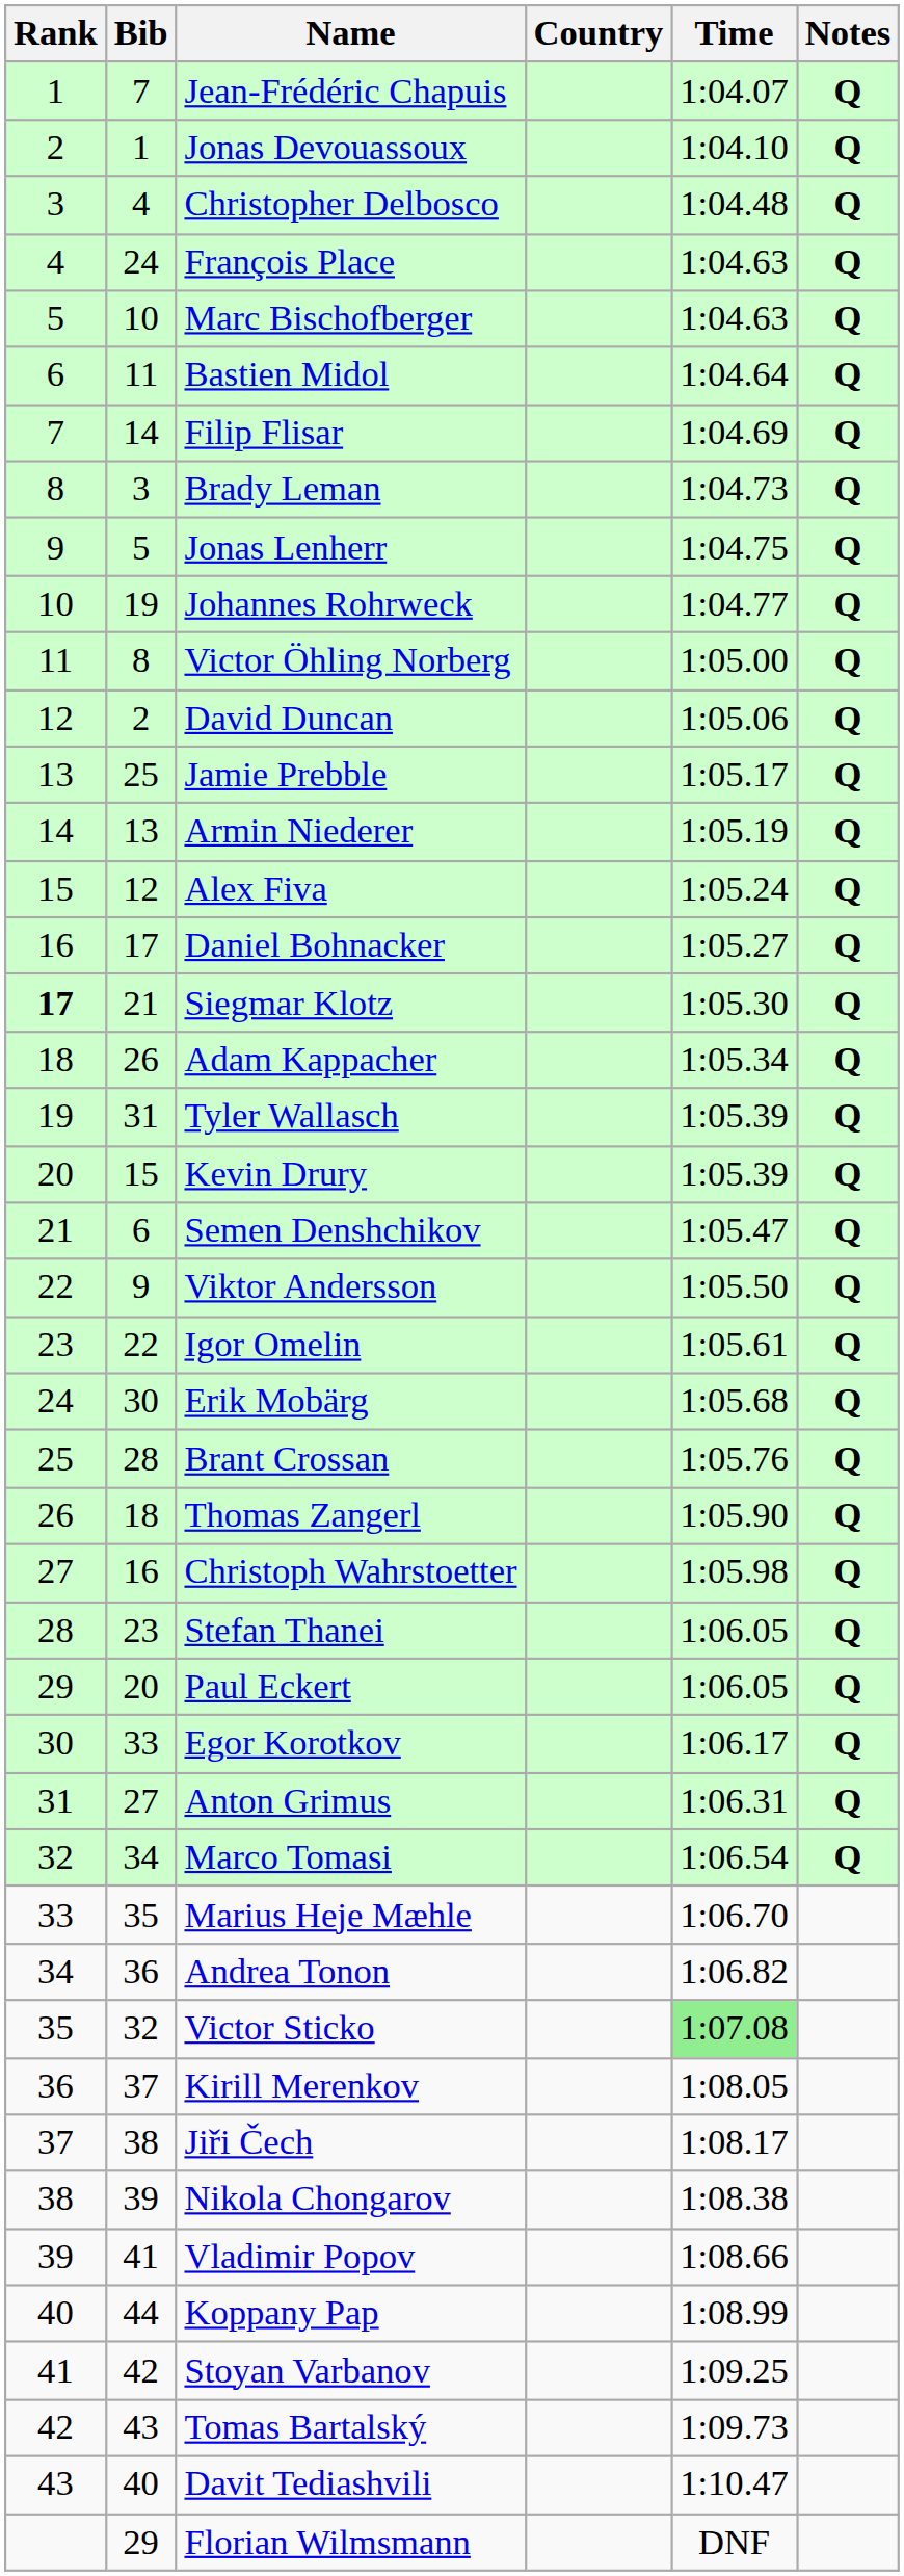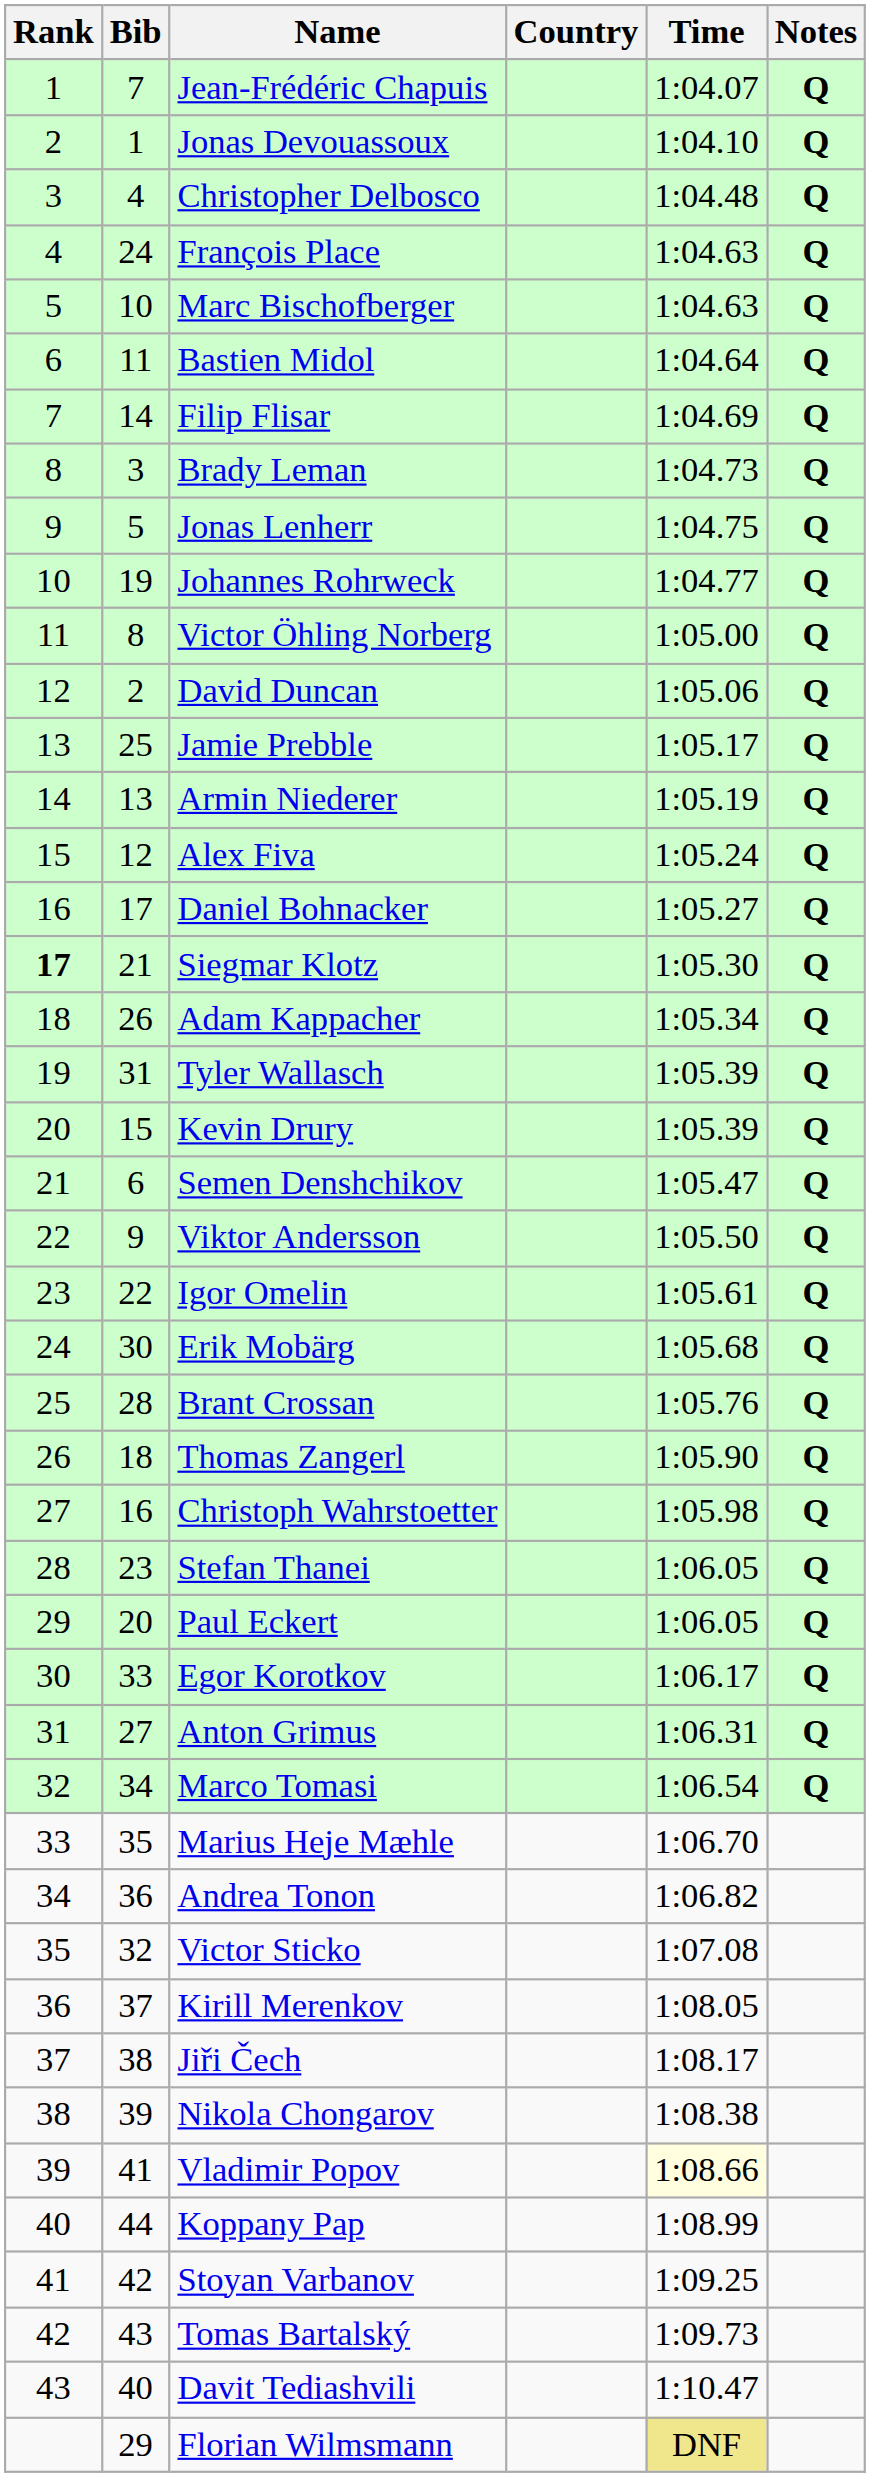 <table class="wikitable sortable" style="text-align:center">
 <tr>
 <th>Rank</th>
 <th>Bib</th>
 <th>Name</th>
 <th>Country</th>
 <th>Time</th>
 <th>Notes</th>
 </tr>
 <tr bgcolor="#ccffcc">
 <td>1</td>
 <td>7</td>
 <td align=left><a href='#'>Jean-Frédéric Chapuis</a></td>
 <td align=left></td>
 <td>1:04.07</td>
 <td><strong>Q</strong></td>
 </tr>
 <tr bgcolor="#ccffcc">
 <td>2</td>
 <td>1</td>
 <td align=left><a href='#'>Jonas Devouassoux</a></td>
 <td align=left></td>
 <td>1:04.10</td>
 <td><strong>Q</strong></td>
 </tr>
 <tr bgcolor="#ccffcc">
 <td>3</td>
 <td>4</td>
 <td align=left><a href='#'>Christopher Delbosco</a></td>
 <td align=left></td>
 <td>1:04.48</td>
 <td><strong>Q</strong></td>
 </tr>
 <tr bgcolor="#ccffcc">
 <td>4</td>
 <td>24</td>
 <td align=left><a href='#'>François Place</a></td>
 <td align=left></td>
 <td>1:04.63</td>
 <td><strong>Q</strong></td>
 </tr>
 <tr bgcolor="#ccffcc">
 <td>5</td>
 <td>10</td>
 <td align=left><a href='#'>Marc Bischofberger</a></td>
 <td align=left></td>
 <td>1:04.63</td>
 <td><strong>Q</strong></td>
 </tr>
 <tr bgcolor="#ccffcc">
 <td>6</td>
 <td>11</td>
 <td align=left><a href='#'>Bastien Midol</a></td>
 <td align=left></td>
 <td>1:04.64</td>
 <td><strong>Q</strong></td>
 </tr>
 <tr bgcolor="#ccffcc">
 <td>7</td>
 <td>14</td>
 <td align=left><a href='#'>Filip Flisar</a></td>
 <td align=left></td>
 <td>1:04.69</td>
 <td><strong>Q</strong></td>
 </tr>
 <tr bgcolor="#ccffcc">
 <td>8</td>
 <td>3</td>
 <td align=left><a href='#'>Brady Leman</a></td>
 <td align=left></td>
 <td>1:04.73</td>
 <td><strong>Q</strong></td>
 </tr>
 <tr bgcolor="#ccffcc">
 <td>9</td>
 <td>5</td>
 <td align=left><a href='#'>Jonas Lenherr</a></td>
 <td align=left></td>
 <td>1:04.75</td>
 <td><strong>Q</strong></td>
 </tr>
 <tr bgcolor="#ccffcc">
 <td>10</td>
 <td>19</td>
 <td align=left><a href='#'>Johannes Rohrweck</a></td>
 <td align=left></td>
 <td>1:04.77</td>
 <td><strong>Q</strong></td>
 </tr>
 <tr bgcolor="#ccffcc">
 <td>11</td>
 <td>8</td>
 <td align=left><a href='#'>Victor Öhling Norberg</a></td>
 <td align=left></td>
 <td>1:05.00</td>
 <td><strong>Q</strong></td>
 </tr>
 <tr bgcolor="#ccffcc">
 <td>12</td>
 <td>2</td>
 <td align=left><a href='#'>David Duncan</a></td>
 <td align=left></td>
 <td>1:05.06</td>
 <td><strong>Q</strong></td>
 </tr>
 <tr bgcolor="#ccffcc">
 <td>13</td>
 <td>25</td>
 <td align=left><a href='#'>Jamie Prebble</a></td>
 <td align=left></td>
 <td>1:05.17</td>
 <td><strong>Q</strong></td>
 </tr>
 <tr bgcolor="#ccffcc">
 <td>14</td>
 <td>13</td>
 <td align=left><a href='#'>Armin Niederer</a></td>
 <td align=left></td>
 <td>1:05.19</td>
 <td><strong>Q</strong></td>
 </tr>
 <tr bgcolor="#ccffcc">
 <td>15</td>
 <td>12</td>
 <td align=left><a href='#'>Alex Fiva</a></td>
 <td align=left></td>
 <td>1:05.24</td>
 <td><strong>Q</strong></td>
 </tr>
 <tr bgcolor="#ccffcc">
 <td>16</td>
 <td>17</td>
 <td align=left><a href='#'>Daniel Bohnacker</a></td>
 <td align=left></td>
 <td>1:05.27</td>
 <td><strong>Q</strong></td>
 </tr>
 <tr bgcolor="#ccffcc">
 <td><strong>17</strong></td>
 <td>21</td>
 <td align=left><a href='#'>Siegmar Klotz</a></td>
 <td align=left></td>
 <td>1:05.30</td>
 <td><strong>Q</strong></td>
 </tr>
 <tr bgcolor="#ccffcc">
 <td>18</td>
 <td>26</td>
 <td align=left><a href='#'>Adam Kappacher</a></td>
 <td align=left></td>
 <td>1:05.34</td>
 <td><strong>Q</strong></td>
 </tr>
 <tr bgcolor="#ccffcc">
 <td>19</td>
 <td>31</td>
 <td align=left><a href='#'>Tyler Wallasch</a></td>
 <td align=left></td>
 <td>1:05.39</td>
 <td><strong>Q</strong></td>
 </tr>
 <tr bgcolor="#ccffcc">
 <td>20</td>
 <td>15</td>
 <td align=left><a href='#'>Kevin Drury</a></td>
 <td align=left></td>
 <td>1:05.39</td>
 <td><strong>Q</strong></td>
 </tr>
 <tr bgcolor="#ccffcc">
 <td>21</td>
 <td>6</td>
 <td align=left><a href='#'>Semen Denshchikov</a></td>
 <td align=left></td>
 <td>1:05.47</td>
 <td><strong>Q</strong></td>
 </tr>
 <tr bgcolor="#ccffcc">
 <td>22</td>
 <td>9</td>
 <td align=left><a href='#'>Viktor Andersson</a></td>
 <td align=left></td>
 <td>1:05.50</td>
 <td><strong>Q</strong></td>
 </tr>
 <tr bgcolor="#ccffcc">
 <td>23</td>
 <td>22</td>
 <td align=left><a href='#'>Igor Omelin</a></td>
 <td align=left></td>
 <td>1:05.61</td>
 <td><strong>Q</strong></td>
 </tr>
 <tr bgcolor="#ccffcc">
 <td>24</td>
 <td>30</td>
 <td align=left><a href='#'>Erik Mobärg</a></td>
 <td align=left></td>
 <td>1:05.68</td>
 <td><strong>Q</strong></td>
 </tr>
 <tr bgcolor="#ccffcc">
 <td>25</td>
 <td>28</td>
 <td align=left><a href='#'>Brant Crossan</a></td>
 <td align=left></td>
 <td>1:05.76</td>
 <td><strong>Q</strong></td>
 </tr>
 <tr bgcolor="#ccffcc">
 <td>26</td>
 <td>18</td>
 <td align=left><a href='#'>Thomas Zangerl</a></td>
 <td align=left></td>
 <td>1:05.90</td>
 <td><strong>Q</strong></td>
 </tr>
 <tr bgcolor="#ccffcc">
 <td>27</td>
 <td>16</td>
 <td align=left><a href='#'>Christoph Wahrstoetter</a></td>
 <td align=left></td>
 <td>1:05.98</td>
 <td><strong>Q</strong></td>
 </tr>
 <tr bgcolor="#ccffcc">
 <td>28</td>
 <td>23</td>
 <td align=left><a href='#'>Stefan Thanei</a></td>
 <td align=left></td>
 <td>1:06.05</td>
 <td><strong>Q</strong></td>
 </tr>
 <tr bgcolor="#ccffcc">
 <td>29</td>
 <td>20</td>
 <td align=left><a href='#'>Paul Eckert</a></td>
 <td align=left></td>
 <td>1:06.05</td>
 <td><strong>Q</strong></td>
 </tr>
 <tr bgcolor="#ccffcc">
 <td>30</td>
 <td>33</td>
 <td align=left><a href='#'>Egor Korotkov</a></td>
 <td align=left></td>
 <td>1:06.17</td>
 <td><strong>Q</strong></td>
 </tr>
 <tr bgcolor="#ccffcc">
 <td>31</td>
 <td>27</td>
 <td align=left><a href='#'>Anton Grimus</a></td>
 <td align=left></td>
 <td>1:06.31</td>
 <td><strong>Q</strong></td>
 </tr>
 <tr bgcolor="#ccffcc">
 <td>32</td>
 <td>34</td>
 <td align=left><a href='#'>Marco Tomasi</a></td>
 <td align=left></td>
 <td>1:06.54</td>
 <td><strong>Q</strong></td>
 </tr>
 <tr>
 <td>33</td>
 <td>35</td>
 <td align=left><a href='#'>Marius Heje Mæhle</a></td>
 <td align=left></td>
 <td>1:06.70</td>
 <td></td>
 </tr>
 <tr>
 <td>34</td>
 <td>36</td>
 <td align=left><a href='#'>Andrea Tonon</a></td>
 <td align=left></td>
 <td>1:06.82</td>
 <td></td>
 </tr>
 <tr>
 <td>35</td>
 <td>32</td>
 <td align=left><a href='#'>Victor Sticko</a></td>
 <td align=left></td>
-<td style="background: lightgreen;">1:07.08</td>
+<td>1:07.08</td>
 <td></td>
 </tr>
 <tr>
 <td>36</td>
 <td>37</td>
 <td align=left><a href='#'>Kirill Merenkov</a></td>
 <td align=left></td>
 <td>1:08.05</td>
 <td></td>
 </tr>
 <tr>
 <td>37</td>
 <td>38</td>
 <td align=left><a href='#'>Jiři Čech</a></td>
 <td align=left></td>
 <td>1:08.17</td>
 <td></td>
 </tr>
 <tr>
 <td>38</td>
 <td>39</td>
 <td align=left><a href='#'>Nikola Chongarov</a></td>
 <td align=left></td>
 <td>1:08.38</td>
 <td></td>
 </tr>
 <tr>
 <td>39</td>
 <td>41</td>
 <td align=left><a href='#'>Vladimir Popov</a></td>
 <td align=left></td>
-<td>1:08.66</td>
+<td style="background: lightyellow;">1:08.66</td>
 <td></td>
 </tr>
 <tr>
 <td>40</td>
 <td>44</td>
 <td align=left><a href='#'>Koppany Pap</a></td>
 <td align=left></td>
 <td>1:08.99</td>
 <td></td>
 </tr>
 <tr>
 <td>41</td>
 <td>42</td>
 <td align=left><a href='#'>Stoyan Varbanov</a></td>
 <td align=left></td>
 <td>1:09.25</td>
 <td></td>
 </tr>
 <tr>
 <td>42</td>
 <td>43</td>
 <td align=left><a href='#'>Tomas Bartalský</a></td>
 <td align=left></td>
 <td>1:09.73</td>
 <td></td>
 </tr>
 <tr>
 <td>43</td>
 <td>40</td>
 <td align=left><a href='#'>Davit Tediashvili</a></td>
 <td align=left></td>
 <td>1:10.47</td>
 <td></td>
 </tr>
 <tr>
 <td></td>
 <td>29</td>
 <td align=left><a href='#'>Florian Wilmsmann</a></td>
 <td align=left></td>
-<td>DNF</td>
+<td style="background: khaki;">DNF</td>
 <td></td>
 </tr>
 </table>
